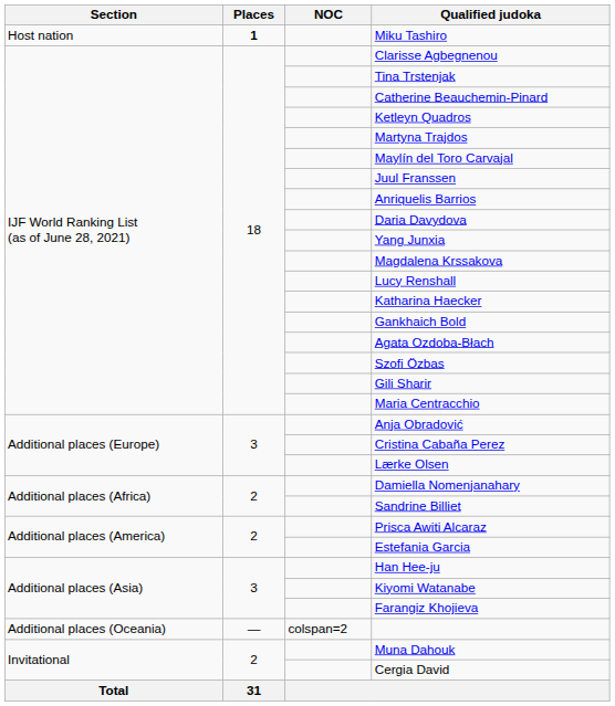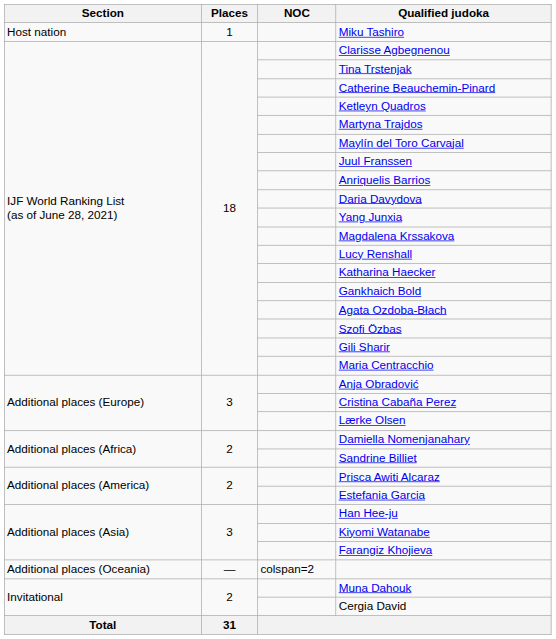 <table class="wikitable"  width=750>
 <tr>
 <th>Section</th>
 <th>Places</th>
 <th>NOC</th>
 <th>Qualified judoka</th>
 </tr>
 <tr>
 <td>Host nation</td>
-<td align=center><strong>1</strong></td>
+<td align=center>1</td>
 <td></td>
 <td><a href='#'>Miku Tashiro</a></td>
 </tr>
 <tr>
 <td rowspan=18>IJF World Ranking List<br>(as of June 28, 2021)</td>
 <td rowspan=18 align=center>18</td>
 <td></td>
 <td><a href='#'>Clarisse Agbegnenou</a></td>
 </tr>
 <tr>
 <td></td>
 <td><a href='#'>Tina Trstenjak</a></td>
 </tr>
 <tr>
 <td></td>
 <td><a href='#'>Catherine Beauchemin-Pinard</a></td>
 </tr>
 <tr>
 <td></td>
 <td><a href='#'>Ketleyn Quadros</a></td>
 </tr>
 <tr>
 <td></td>
 <td><a href='#'>Martyna Trajdos</a></td>
 </tr>
 <tr>
 <td></td>
 <td><a href='#'>Maylín del Toro Carvajal</a></td>
 </tr>
 <tr>
 <td></td>
 <td><a href='#'>Juul Franssen</a></td>
 </tr>
 <tr>
 <td></td>
 <td><a href='#'>Anriquelis Barrios</a></td>
 </tr>
 <tr>
 <td></td>
 <td><a href='#'>Daria Davydova</a></td>
 </tr>
 <tr>
 <td></td>
 <td><a href='#'>Yang Junxia</a></td>
 </tr>
 <tr>
 <td></td>
 <td><a href='#'>Magdalena Krssakova</a></td>
 </tr>
 <tr>
 <td></td>
 <td><a href='#'>Lucy Renshall</a></td>
 </tr>
 <tr>
 <td></td>
 <td><a href='#'>Katharina Haecker</a></td>
 </tr>
 <tr>
 <td></td>
 <td><a href='#'>Gankhaich Bold</a></td>
 </tr>
 <tr>
 <td></td>
 <td><a href='#'>Agata Ozdoba-Błach</a></td>
 </tr>
 <tr>
 <td></td>
 <td><a href='#'>Szofi Özbas</a></td>
 </tr>
 <tr>
 <td></td>
 <td><a href='#'>Gili Sharir</a></td>
 </tr>
 <tr>
 <td></td>
 <td><a href='#'>Maria Centracchio</a></td>
 </tr>
 <tr>
 <td rowspan=3>Additional places (Europe)</td>
 <td rowspan=3 align=center>3</td>
 <td></td>
 <td><a href='#'>Anja Obradović</a></td>
 </tr>
 <tr>
 <td></td>
 <td><a href='#'>Cristina Cabaña Perez</a></td>
 </tr>
 <tr>
 <td></td>
 <td><a href='#'>Lærke Olsen</a></td>
 </tr>
 <tr>
 <td rowspan=2>Additional places (Africa)</td>
 <td rowspan=2 align=center>2</td>
 <td></td>
 <td><a href='#'>Damiella Nomenjanahary</a></td>
 </tr>
 <tr>
 <td></td>
 <td><a href='#'>Sandrine Billiet</a></td>
 </tr>
 <tr>
 <td rowspan=2>Additional places (America)</td>
 <td rowspan=2 align=center>2</td>
 <td></td>
 <td><a href='#'>Prisca Awiti Alcaraz</a></td>
 </tr>
 <tr>
 <td></td>
 <td><a href='#'>Estefania Garcia</a></td>
 </tr>
 <tr>
 <td rowspan=3>Additional places (Asia)</td>
 <td rowspan=3 align=center>3</td>
 <td></td>
 <td><a href='#'>Han Hee-ju</a></td>
 </tr>
 <tr>
 <td></td>
 <td><a href='#'>Kiyomi Watanabe</a></td>
 </tr>
 <tr>
 <td></td>
 <td><a href='#'>Farangiz Khojieva</a></td>
 </tr>
 <tr>
 <td>Additional places (Oceania)</td>
 <td align=center>—</td>
 <td>colspan=2 </td>
 </tr>
 <tr>
 <td rowspan=2>Invitational</td>
 <td rowspan=2 align=center>2</td>
 <td></td>
 <td><a href='#'>Muna Dahouk</a></td>
 </tr>
 <tr>
 <td></td>
 <td>Cergia David</td>
 </tr>
 <tr>
 <th>Total</th>
 <th>31</th>
 <th colspan=2></th>
 </tr>
 </table>
